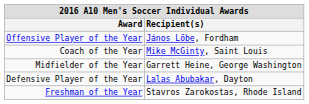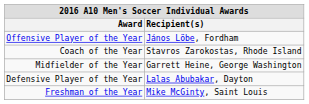 <table class="wikitable" style="white-space:nowrap; font-size:90%;">
 <tr>
 <td colspan="7" style="text-align:center; background:#ddd;"><strong>2016 A10 Men's Soccer Individual Awards</strong></td>
 </tr>
 <tr>
 <th style="text-align:right;">Award</th>
 <th style="text-align:left;">Recipient(s)</th>
 </tr>
 <tr>
 <td style="text-align:right;"><a href='#'>Offensive Player of the Year</a></td>
 <td style="text-align:left;"><a href='#'>János Löbe</a>, Fordham</td>
 </tr>
 <tr>
 <td style="text-align:right;">Coach of the Year</td>
-<td style="text-align:left;"><a href='#'>Mike McGinty</a>, Saint Louis</td>
+<td style="text-align:left;">Stavros Zarokostas, Rhode Island</td>
 </tr>
 <tr>
 <td style="text-align:right;">Midfielder of the Year</td>
 <td style="text-align:left;">Garrett Heine, George Washington</td>
 </tr>
 <tr>
 <td style="text-align:right;">Defensive Player of the Year</td>
 <td style="text-align:left;"><a href='#'>Lalas Abubakar</a>, Dayton</td>
 </tr>
 <tr>
 <td style="text-align:right;"><a href='#'>Freshman of the Year</a></td>
-<td style="text-align:left;">Stavros Zarokostas, Rhode Island</td>
+<td style="text-align:left;"><a href='#'>Mike McGinty</a>, Saint Louis</td>
 </tr>
 </table>
